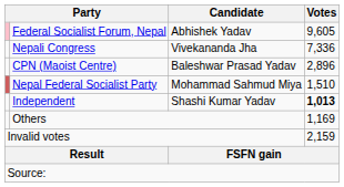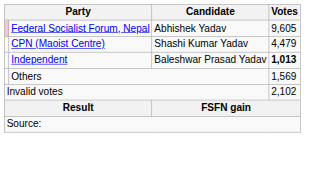 <table class="wikitable">
 <tr>
 <th colspan="2">Party</th>
 <th>Candidate</th>
 <th>Votes</th>
 </tr>
 <tr>
 <td style="background-color:pink"></td>
 <td><a href='#'>Federal Socialist Forum, Nepal</a></td>
 <td>Abhishek Yadav</td>
 <td>9,605</td>
 </tr>
 <tr>
 <td style="background-color:"></td>
-<td><a href='#'>Nepali Congress</a></td>
-<td>Vivekananda Jha</td>
-<td>7,336</td>
-</tr>
-<tr>
-<td style="background-color:"></td>
 <td><a href='#'>CPN (Maoist Centre)</a></td>
-<td>Baleshwar Prasad Yadav</td>
-<td>2,896</td>
-</tr>
-<tr>
-<td style="background-color:indianred"></td>
-<td><a href='#'>Nepal Federal Socialist Party</a></td>
-<td>Mohammad Sahmud Miya</td>
-<td>1,510</td>
+<td>Shashi Kumar Yadav</td>
+<td>4,479</td>
 </tr>
 <tr>
 <td style="background-color:"></td>
 <td><a href='#'>Independent</a></td>
-<td>Shashi Kumar Yadav</td>
+<td>Baleshwar Prasad Yadav</td>
 <td><strong>1,013</strong></td>
 </tr>
 <tr>
 <td></td>
 <td colspan="2">Others</td>
-<td>1,169</td>
+<td>1,569</td>
 </tr>
 <tr>
 <td colspan="3">Invalid votes</td>
-<td>2,159</td>
+<td>2,102</td>
 </tr>
 <tr>
 <th colspan="2">Result</th>
 <th colspan="2">FSFN gain</th>
 </tr>
 <tr>
 <td colspan="4">Source: </td>
 </tr>
 </table>
